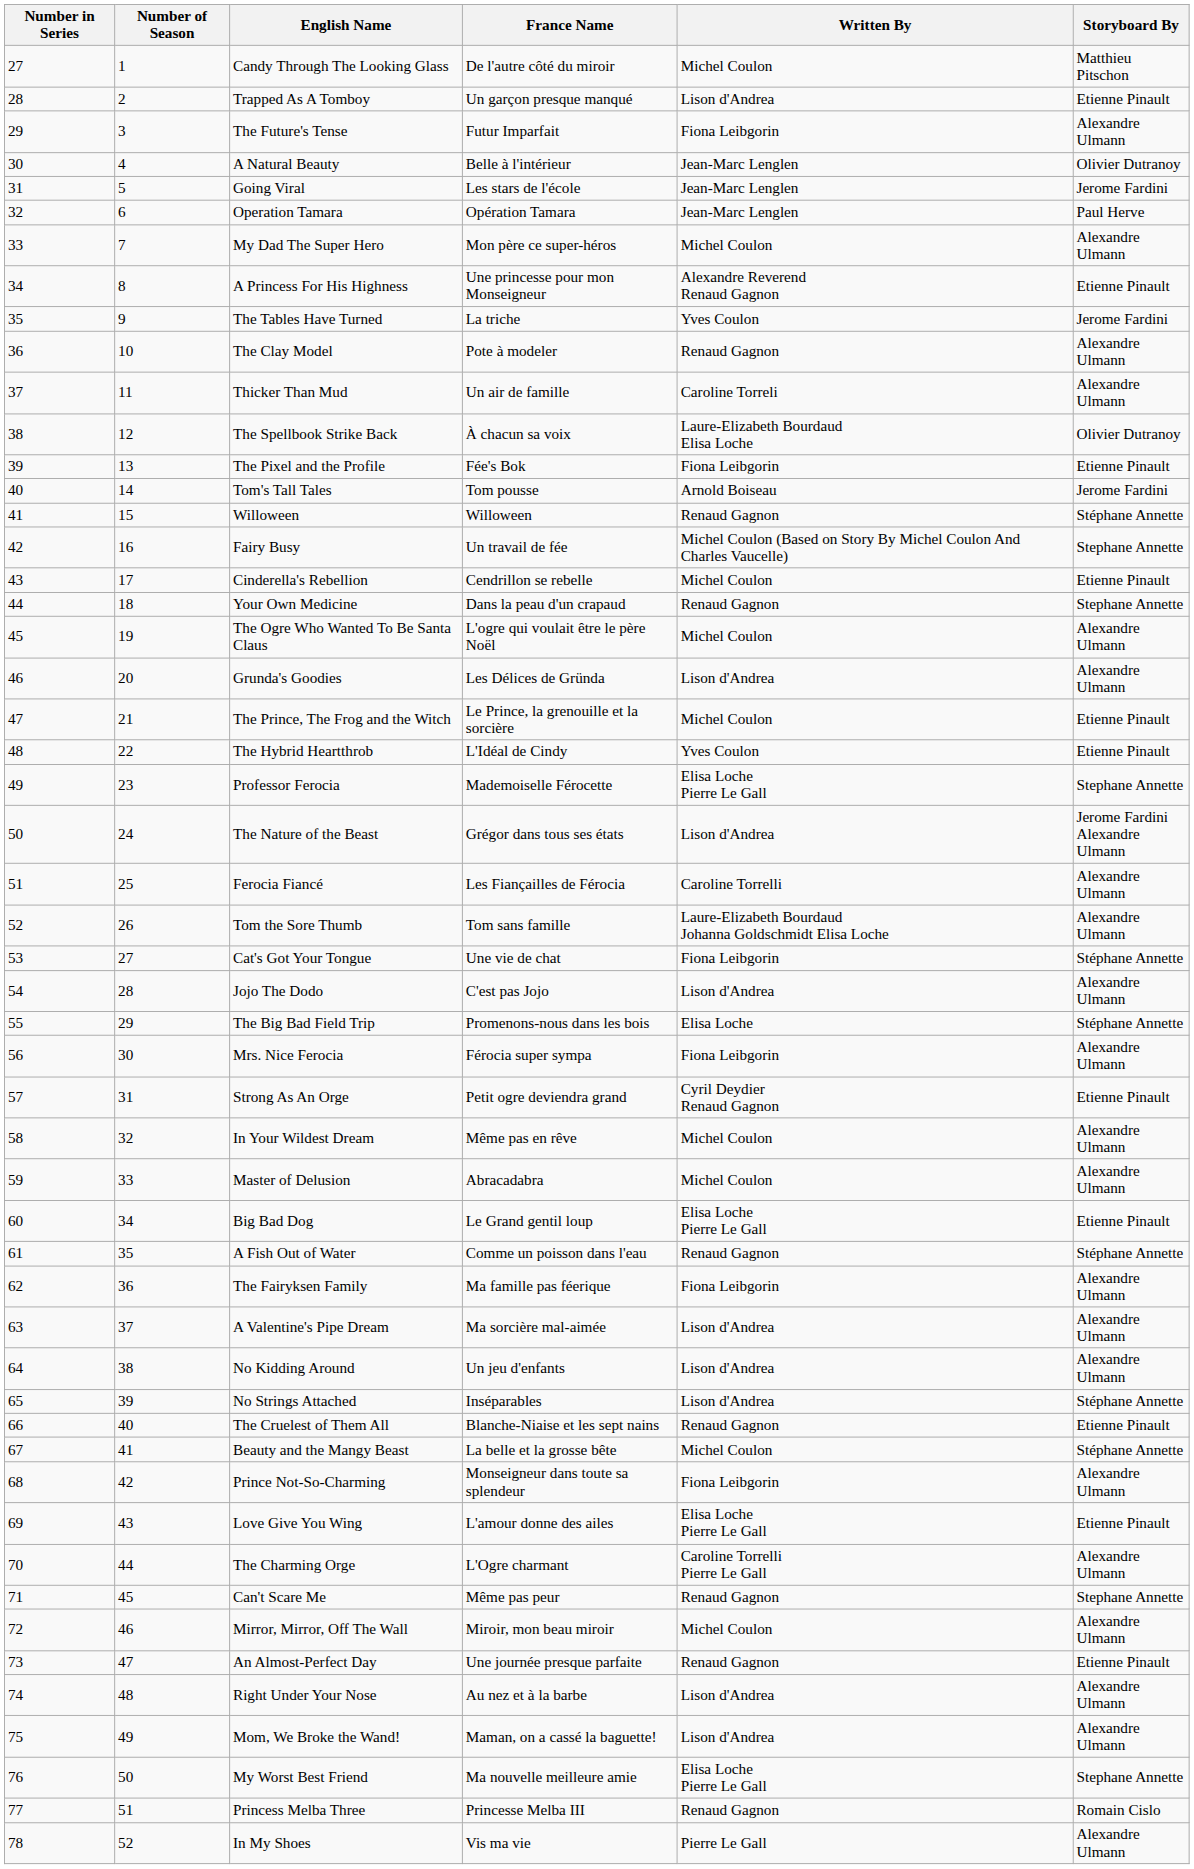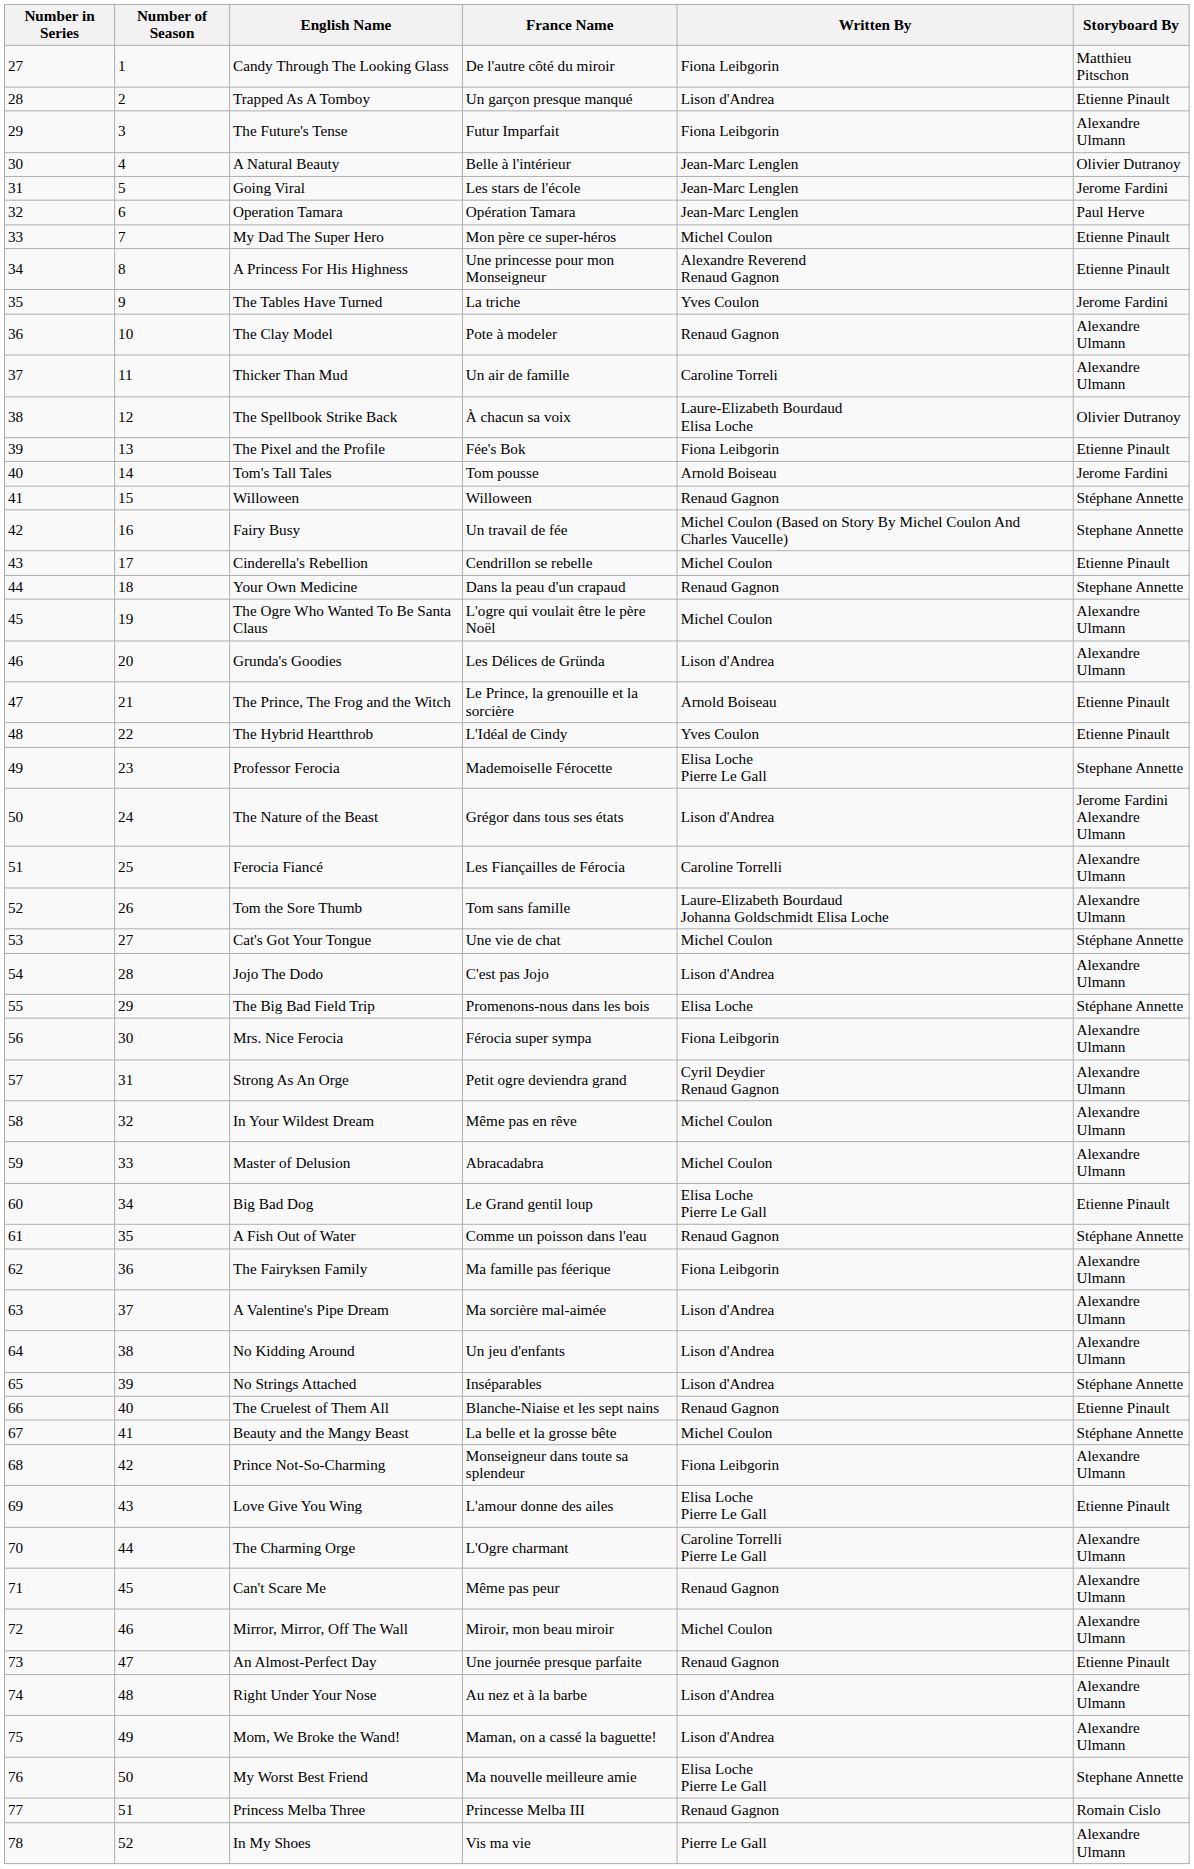 <table class="wikitable">
 <tr>
 <th>Number in Series</th>
 <th>Number of Season</th>
 <th>English Name</th>
 <th>France Name</th>
 <th>Written By</th>
 <th>Storyboard By</th>
 </tr>
 <tr>
 <td>27</td>
 <td>1</td>
 <td>Candy Through The Looking Glass</td>
 <td>De l'autre côté du miroir</td>
-<td>Michel Coulon</td>
+<td>Fiona Leibgorin</td>
 <td>Matthieu Pitschon</td>
 </tr>
 <tr>
 <td>28</td>
 <td>2</td>
 <td>Trapped As A Tomboy</td>
 <td>Un garçon presque manqué</td>
 <td>Lison d'Andrea</td>
 <td>Etienne Pinault</td>
 </tr>
 <tr>
 <td>29</td>
 <td>3</td>
 <td>The Future's Tense</td>
 <td>Futur Imparfait</td>
 <td>Fiona Leibgorin</td>
 <td>Alexandre Ulmann</td>
 </tr>
 <tr>
 <td>30</td>
 <td>4</td>
 <td>A Natural Beauty</td>
 <td>Belle à l'intérieur</td>
 <td>Jean-Marc Lenglen</td>
 <td>Olivier Dutranoy</td>
 </tr>
 <tr>
 <td>31</td>
 <td>5</td>
 <td>Going Viral</td>
 <td>Les stars de l'école</td>
 <td>Jean-Marc Lenglen</td>
 <td>Jerome Fardini</td>
 </tr>
 <tr>
 <td>32</td>
 <td>6</td>
 <td>Operation Tamara</td>
 <td>Opération Tamara</td>
 <td>Jean-Marc Lenglen</td>
 <td>Paul Herve</td>
 </tr>
 <tr>
 <td>33</td>
 <td>7</td>
 <td>My Dad The Super Hero</td>
 <td>Mon père ce super-héros</td>
 <td>Michel Coulon</td>
-<td>Alexandre Ulmann</td>
+<td>Etienne Pinault</td>
 </tr>
 <tr>
 <td>34</td>
 <td>8</td>
 <td>A Princess For His Highness</td>
 <td>Une princesse pour mon Monseigneur</td>
 <td>Alexandre Reverend<br>Renaud Gagnon</td>
 <td>Etienne Pinault</td>
 </tr>
 <tr>
 <td>35</td>
 <td>9</td>
 <td>The Tables Have Turned</td>
 <td>La triche</td>
 <td>Yves Coulon</td>
 <td>Jerome Fardini</td>
 </tr>
 <tr>
 <td>36</td>
 <td>10</td>
 <td>The Clay Model</td>
 <td>Pote à modeler</td>
 <td>Renaud Gagnon</td>
 <td>Alexandre Ulmann</td>
 </tr>
 <tr>
 <td>37</td>
 <td>11</td>
 <td>Thicker Than Mud</td>
 <td>Un air de famille</td>
 <td>Caroline Torreli</td>
 <td>Alexandre Ulmann</td>
 </tr>
 <tr>
 <td>38</td>
 <td>12</td>
 <td>The Spellbook Strike Back</td>
 <td>À chacun sa voix</td>
 <td>Laure-Elizabeth Bourdaud<br>Elisa Loche</td>
 <td>Olivier Dutranoy</td>
 </tr>
 <tr>
 <td>39</td>
 <td>13</td>
 <td>The Pixel and the Profile</td>
 <td>Fée's Bok</td>
 <td>Fiona Leibgorin</td>
 <td>Etienne Pinault</td>
 </tr>
 <tr>
 <td>40</td>
 <td>14</td>
 <td>Tom's Tall Tales</td>
 <td>Tom pousse</td>
 <td>Arnold Boiseau</td>
 <td>Jerome Fardini</td>
 </tr>
 <tr>
 <td>41</td>
 <td>15</td>
 <td>Willoween</td>
 <td>Willoween</td>
 <td>Renaud Gagnon</td>
 <td>Stéphane Annette</td>
 </tr>
 <tr>
 <td>42</td>
 <td>16</td>
 <td>Fairy Busy</td>
 <td>Un travail de fée</td>
 <td>Michel Coulon (Based on Story By Michel Coulon And Charles Vaucelle)</td>
 <td>Stephane Annette</td>
 </tr>
 <tr>
 <td>43</td>
 <td>17</td>
 <td>Cinderella's Rebellion</td>
 <td>Cendrillon se rebelle</td>
 <td>Michel Coulon</td>
 <td>Etienne Pinault</td>
 </tr>
 <tr>
 <td>44</td>
 <td>18</td>
 <td>Your Own Medicine</td>
 <td>Dans la peau d'un crapaud</td>
 <td>Renaud Gagnon</td>
 <td>Stephane Annette</td>
 </tr>
 <tr>
 <td>45</td>
 <td>19</td>
 <td>The Ogre Who Wanted To Be Santa Claus</td>
 <td>L'ogre qui voulait être le père Noël</td>
 <td>Michel Coulon</td>
 <td>Alexandre Ulmann</td>
 </tr>
 <tr>
 <td>46</td>
 <td>20</td>
 <td>Grunda's Goodies</td>
 <td>Les Délices de Gründa</td>
 <td>Lison d'Andrea</td>
 <td>Alexandre Ulmann</td>
 </tr>
 <tr>
 <td>47</td>
 <td>21</td>
 <td>The Prince, The Frog and the Witch</td>
 <td>Le Prince, la grenouille et la sorcière</td>
-<td>Michel Coulon</td>
+<td>Arnold Boiseau</td>
 <td>Etienne Pinault</td>
 </tr>
 <tr>
 <td>48</td>
 <td>22</td>
 <td>The Hybrid Heartthrob</td>
 <td>L'Idéal de Cindy</td>
 <td>Yves Coulon</td>
 <td>Etienne Pinault</td>
 </tr>
 <tr>
 <td>49</td>
 <td>23</td>
 <td>Professor Ferocia</td>
 <td>Mademoiselle Férocette</td>
 <td>Elisa Loche<br>Pierre Le Gall</td>
 <td>Stephane Annette</td>
 </tr>
 <tr>
 <td>50</td>
 <td>24</td>
 <td>The Nature of the Beast</td>
 <td>Grégor dans tous ses états</td>
 <td>Lison d'Andrea</td>
 <td>Jerome Fardini<br>Alexandre Ulmann</td>
 </tr>
 <tr>
 <td>51</td>
 <td>25</td>
 <td>Ferocia Fiancé</td>
 <td>Les Fiançailles de Férocia</td>
 <td>Caroline Torrelli</td>
 <td>Alexandre Ulmann</td>
 </tr>
 <tr>
 <td>52</td>
 <td>26</td>
 <td>Tom the Sore Thumb</td>
 <td>Tom sans famille</td>
 <td>Laure-Elizabeth Bourdaud<br>Johanna Goldschmidt Elisa Loche</td>
 <td>Alexandre Ulmann</td>
 </tr>
 <tr>
 <td>53</td>
 <td>27</td>
 <td>Cat's Got Your Tongue</td>
 <td>Une vie de chat</td>
-<td>Fiona Leibgorin</td>
+<td>Michel Coulon</td>
 <td>Stéphane Annette</td>
 </tr>
 <tr>
 <td>54</td>
 <td>28</td>
 <td>Jojo The Dodo</td>
 <td>C'est pas Jojo</td>
 <td>Lison d'Andrea</td>
 <td>Alexandre Ulmann</td>
 </tr>
 <tr>
 <td>55</td>
 <td>29</td>
 <td>The Big Bad Field Trip</td>
 <td>Promenons-nous dans les bois</td>
 <td>Elisa Loche</td>
 <td>Stéphane Annette</td>
 </tr>
 <tr>
 <td>56</td>
 <td>30</td>
 <td>Mrs. Nice Ferocia</td>
 <td>Férocia super sympa</td>
 <td>Fiona Leibgorin</td>
 <td>Alexandre Ulmann</td>
 </tr>
 <tr>
 <td>57</td>
 <td>31</td>
 <td>Strong As An Orge</td>
 <td>Petit ogre deviendra grand</td>
 <td>Cyril Deydier<br>Renaud Gagnon</td>
-<td>Etienne Pinault</td>
+<td>Alexandre Ulmann</td>
 </tr>
 <tr>
 <td>58</td>
 <td>32</td>
 <td>In Your Wildest Dream</td>
 <td>Même pas en rêve</td>
 <td>Michel Coulon</td>
 <td>Alexandre Ulmann</td>
 </tr>
 <tr>
 <td>59</td>
 <td>33</td>
 <td>Master of Delusion</td>
 <td>Abracadabra</td>
 <td>Michel Coulon</td>
 <td>Alexandre Ulmann</td>
 </tr>
 <tr>
 <td>60</td>
 <td>34</td>
 <td>Big Bad Dog</td>
 <td>Le Grand gentil loup</td>
 <td>Elisa Loche<br>Pierre Le Gall</td>
 <td>Etienne Pinault</td>
 </tr>
 <tr>
 <td>61</td>
 <td>35</td>
 <td>A Fish Out of Water</td>
 <td>Comme un poisson dans l'eau</td>
 <td>Renaud Gagnon</td>
 <td>Stéphane Annette</td>
 </tr>
 <tr>
 <td>62</td>
 <td>36</td>
 <td>The Fairyksen Family</td>
 <td>Ma famille pas féerique</td>
 <td>Fiona Leibgorin</td>
 <td>Alexandre Ulmann</td>
 </tr>
 <tr>
 <td>63</td>
 <td>37</td>
 <td>A Valentine's Pipe Dream</td>
 <td>Ma sorcière mal-aimée</td>
 <td>Lison d'Andrea</td>
 <td>Alexandre Ulmann</td>
 </tr>
 <tr>
 <td>64</td>
 <td>38</td>
 <td>No Kidding Around</td>
 <td>Un jeu d'enfants</td>
 <td>Lison d'Andrea</td>
 <td>Alexandre Ulmann</td>
 </tr>
 <tr>
 <td>65</td>
 <td>39</td>
 <td>No Strings Attached</td>
 <td>Inséparables</td>
 <td>Lison d'Andrea</td>
 <td>Stéphane Annette</td>
 </tr>
 <tr>
 <td>66</td>
 <td>40</td>
 <td>The Cruelest of Them All</td>
 <td>Blanche-Niaise et les sept nains</td>
 <td>Renaud Gagnon</td>
 <td>Etienne Pinault</td>
 </tr>
 <tr>
 <td>67</td>
 <td>41</td>
 <td>Beauty and the Mangy Beast</td>
 <td>La belle et la grosse bête</td>
 <td>Michel Coulon</td>
 <td>Stéphane Annette</td>
 </tr>
 <tr>
 <td>68</td>
 <td>42</td>
 <td>Prince Not-So-Charming</td>
 <td>Monseigneur dans toute sa splendeur</td>
 <td>Fiona Leibgorin</td>
 <td>Alexandre Ulmann</td>
 </tr>
 <tr>
 <td>69</td>
 <td>43</td>
 <td>Love Give You Wing</td>
 <td>L'amour donne des ailes</td>
 <td>Elisa Loche<br>Pierre Le Gall</td>
 <td>Etienne Pinault</td>
 </tr>
 <tr>
 <td>70</td>
 <td>44</td>
 <td>The Charming Orge</td>
 <td>L'Ogre charmant</td>
 <td>Caroline Torrelli<br>Pierre Le Gall</td>
 <td>Alexandre Ulmann</td>
 </tr>
 <tr>
 <td>71</td>
 <td>45</td>
 <td>Can't Scare Me</td>
 <td>Même pas peur</td>
 <td>Renaud Gagnon</td>
-<td>Stephane Annette</td>
+<td>Alexandre Ulmann</td>
 </tr>
 <tr>
 <td>72</td>
 <td>46</td>
 <td>Mirror, Mirror, Off The Wall</td>
 <td>Miroir, mon beau miroir</td>
 <td>Michel Coulon</td>
 <td>Alexandre Ulmann</td>
 </tr>
 <tr>
 <td>73</td>
 <td>47</td>
 <td>An Almost-Perfect Day</td>
 <td>Une journée presque parfaite</td>
 <td>Renaud Gagnon</td>
 <td>Etienne Pinault</td>
 </tr>
 <tr>
 <td>74</td>
 <td>48</td>
 <td>Right Under Your Nose</td>
 <td>Au nez et à la barbe</td>
 <td>Lison d'Andrea</td>
 <td>Alexandre Ulmann</td>
 </tr>
 <tr>
 <td>75</td>
 <td>49</td>
 <td>Mom, We Broke the Wand!</td>
 <td>Maman, on a cassé la baguette!</td>
 <td>Lison d'Andrea</td>
 <td>Alexandre Ulmann</td>
 </tr>
 <tr>
 <td>76</td>
 <td>50</td>
 <td>My Worst Best Friend</td>
 <td>Ma nouvelle meilleure amie</td>
 <td>Elisa Loche<br>Pierre Le Gall</td>
 <td>Stephane Annette</td>
 </tr>
 <tr>
 <td>77</td>
 <td>51</td>
 <td>Princess Melba Three</td>
 <td>Princesse Melba <abbr>III</abbr></td>
 <td>Renaud Gagnon</td>
 <td>Romain Cislo</td>
 </tr>
 <tr>
 <td>78</td>
 <td>52</td>
 <td>In My Shoes</td>
 <td>Vis ma vie</td>
 <td>Pierre Le Gall</td>
 <td>Alexandre Ulmann</td>
 </tr>
 </table>
